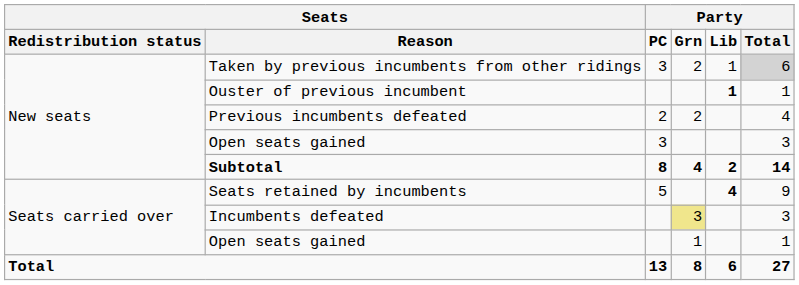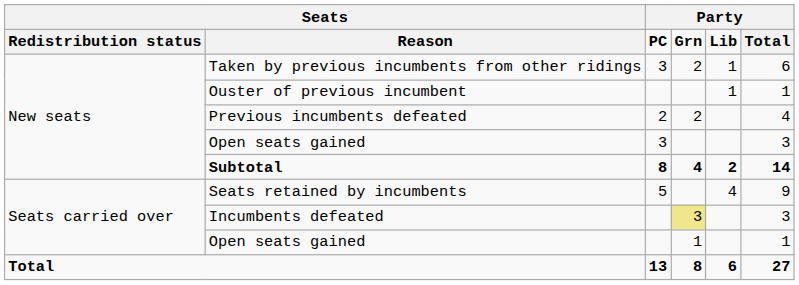 <table class="wikitable" style="text-align:right;">
 <tr>
 <th colspan="2">Seats</th>
 <th colspan="4">Party</th>
 </tr>
 <tr>
 <th>Redistribution status</th>
 <th>Reason</th>
 <td><strong>PC</strong></td>
 <td><strong>Grn</strong></td>
 <td><strong>Lib</strong></td>
 <th>Total</th>
 </tr>
 <tr>
 <td rowspan="5" style="text-align:left;">New seats</td>
 <td style="text-align:left;">Taken by previous incumbents from other ridings</td>
 <td>3</td>
 <td>2</td>
 <td>1</td>
-<td style="background: lightgrey;">6</td>
+<td>6</td>
 </tr>
 <tr>
 <td style="text-align:left;">Ouster of previous incumbent</td>
 <td></td>
 <td></td>
-<td><strong>1</strong></td>
+<td>1</td>
 <td>1</td>
 </tr>
 <tr>
 <td style="text-align:left;">Previous incumbents defeated</td>
 <td>2</td>
 <td>2</td>
 <td></td>
 <td>4</td>
 </tr>
 <tr>
 <td style="text-align:left;">Open seats gained</td>
 <td>3</td>
 <td></td>
 <td></td>
 <td>3</td>
 </tr>
 <tr>
 <td style="text-align:left;"><strong>Subtotal</strong></td>
 <td><strong>8</strong></td>
 <td><strong>4</strong></td>
 <td><strong>2</strong></td>
 <td><strong>14</strong></td>
 </tr>
 <tr>
 <td rowspan="3" style="text-align:left;">Seats carried over</td>
 <td style="text-align:left;">Seats retained by incumbents</td>
 <td>5</td>
 <td></td>
-<td><strong>4</strong></td>
+<td>4</td>
 <td>9</td>
 </tr>
 <tr>
 <td style="text-align:left;">Incumbents defeated</td>
 <td></td>
 <td style="background: khaki;">3</td>
 <td></td>
 <td>3</td>
 </tr>
 <tr>
 <td style="text-align:left;">Open seats gained</td>
 <td></td>
 <td>1</td>
 <td></td>
 <td>1</td>
 </tr>
 <tr>
 <td colspan="2" style="text-align:left;"><strong>Total</strong></td>
 <td><strong>13</strong></td>
 <td><strong>8</strong></td>
 <td><strong>6</strong></td>
 <td><strong>27</strong></td>
 </tr>
 </table>
